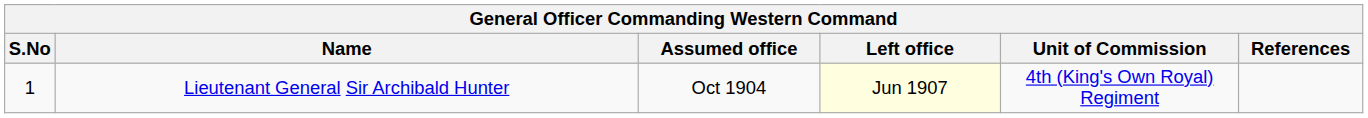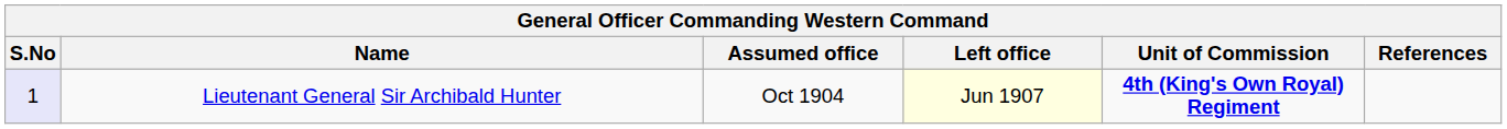 <table class="wikitable sortable" style="text-align:center">
 <tr>
 <th colspan="6"><strong>General Officer Commanding Western Command</strong></th>
 </tr>
 <tr style="background:#cccccc">
 <th scope="col" style="width: 20px;">S.No</th>
 <th scope="col" style="width: 500px;">Name</th>
 <th scope="col" style="width: 150px;">Assumed office</th>
 <th scope="col" style="width: 150px;">Left office</th>
 <th scope="col" style="width: 200px;">Unit of Commission</th>
 <th scope="col" style="width: 100px;">References</th>
 </tr>
 <tr>
-<td>1</td>
+<td style="background: lavender;">1</td>
 <td><a href='#'>Lieutenant General</a> <a href='#'>Sir Archibald Hunter</a> </td>
 <td>Oct 1904</td>
 <td style="background: lightyellow;">Jun 1907</td>
-<td><a href='#'>4th (King's Own Royal) Regiment</a></td>
+<td><strong><a href='#'>4th (King's Own Royal) Regiment</a></strong></td>
 <td></td>
 </tr>
 </table>
